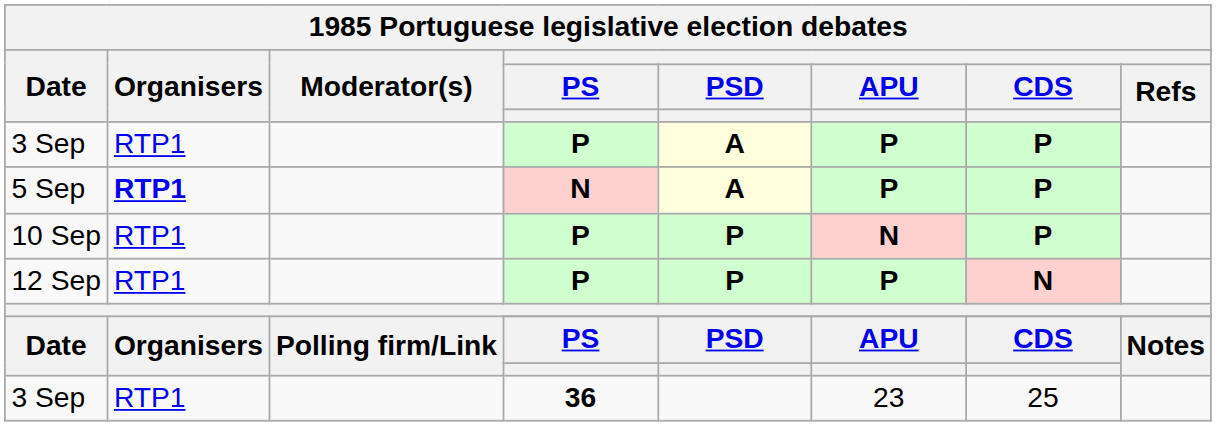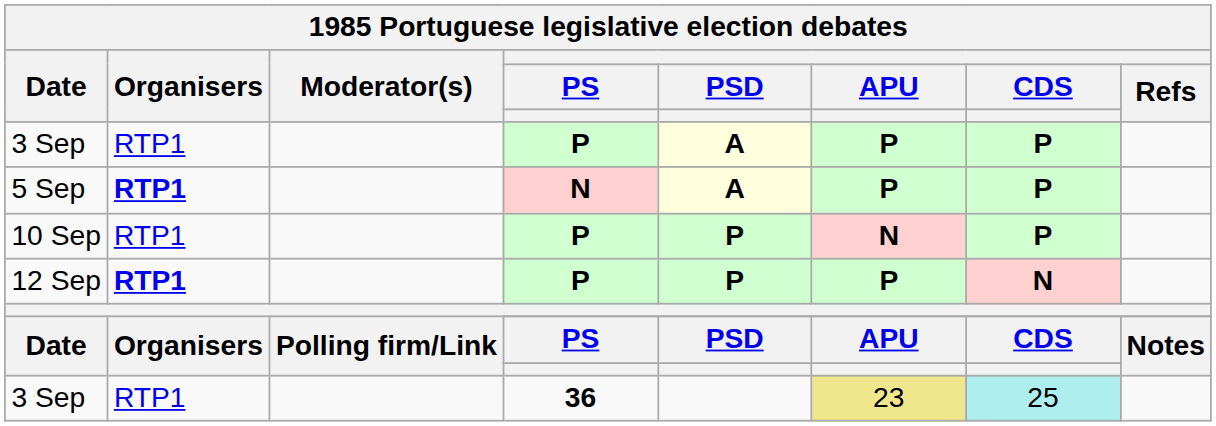 <table class="wikitable" style="font-size:98%; text-align:center;">
 <tr>
 <th colspan="20">1985 Portuguese legislative election debates</th>
 </tr>
 <tr>
 <th rowspan="3">Date</th>
 <th rowspan="3">Organisers</th>
 <th rowspan="3">Moderator(s)</th>
 <th colspan="18">      </th>
 </tr>
 <tr>
 <th scope="col" style="width:5em;"><a href='#'>PS</a><br></th>
 <th scope="col" style="width:5em;"><a href='#'>PSD</a><br></th>
 <th scope="col" style="width:5em;"><a href='#'>APU</a><br></th>
 <th scope="col" style="width:5em;"><a href='#'>CDS</a><br></th>
 <th rowspan="2">Refs</th>
 </tr>
 <tr>
 <th style="color:inherit;background:"></th>
 <th style="color:inherit;background:"></th>
 <th style="color:inherit;background:"></th>
 <th style="color:inherit;background:"></th>
 </tr>
 <tr>
 <td style="white-space:nowrap; text-align:left;">3 Sep</td>
 <td style="white-space:nowrap; text-align:left;"><a href='#'>RTP1</a></td>
 <td style="white-space:nowrap; text-align:left;"></td>
 <td style="background:#D0FFD0;"><strong>P</strong></td>
 <td style="background:#ffffdd;"><strong>A</strong></td>
 <td style="background:#D0FFD0;"><strong>P</strong></td>
 <td style="background:#D0FFD0;"><strong>P</strong></td>
 <td></td>
 </tr>
 <tr>
 <td style="white-space:nowrap; text-align:left;">5 Sep</td>
 <td style="white-space:nowrap; text-align:left;"><strong><a href='#'>RTP1</a></strong></td>
 <td style="white-space:nowrap; text-align:left;"></td>
 <td style="background:#FFD0D0;"><strong>N</strong></td>
 <td style="background:#ffffdd;"><strong>A</strong></td>
 <td style="background:#D0FFD0;"><strong>P</strong></td>
 <td style="background:#D0FFD0;"><strong>P</strong></td>
 <td></td>
 </tr>
 <tr>
 <td style="white-space:nowrap; text-align:left;">10 Sep</td>
 <td style="white-space:nowrap; text-align:left;"><a href='#'>RTP1</a></td>
 <td style="white-space:nowrap; text-align:left;"></td>
 <td style="background:#D0FFD0;"><strong>P</strong></td>
 <td style="background:#D0FFD0;"><strong>P</strong></td>
 <td style="background:#FFD0D0;"><strong>N</strong></td>
 <td style="background:#D0FFD0;"><strong>P</strong></td>
 <td></td>
 </tr>
 <tr>
 <td style="white-space:nowrap; text-align:left;">12 Sep</td>
-<td style="white-space:nowrap; text-align:left;"><a href='#'>RTP1</a></td>
+<td style="white-space:nowrap; text-align:left;"><strong><a href='#'>RTP1</a></strong></td>
 <td style="white-space:nowrap; text-align:left;"></td>
 <td style="background:#D0FFD0;"><strong>P</strong></td>
 <td style="background:#D0FFD0;"><strong>P</strong></td>
 <td style="background:#D0FFD0;"><strong>P</strong></td>
 <td style="background:#FFD0D0;"><strong>N</strong></td>
 <td></td>
 </tr>
 <tr>
 <th colspan="10"></th>
 </tr>
 <tr>
 <th rowspan="3">Date</th>
 <th rowspan="3">Organisers</th>
 <th rowspan="3">Polling firm/Link</th>
 </tr>
 <tr>
 <th scope="col" style="width:5em;"><a href='#'>PS</a></th>
 <th scope="col" style="width:5em;"><a href='#'>PSD</a></th>
 <th scope="col" style="width:5em;"><a href='#'>APU</a></th>
 <th scope="col" style="width:5em;"><a href='#'>CDS</a></th>
 <th rowspan="2">Notes</th>
 </tr>
 <tr>
 <th style="color:inherit;background:"></th>
 <th style="color:inherit;background:"></th>
 <th style="color:inherit;background:"></th>
 <th style="color:inherit;background:"></th>
 </tr>
 <tr>
 <td style="white-space:nowrap; text-align:left;">3 Sep</td>
 <td style="white-space:nowrap; text-align:left;"><a href='#'>RTP1</a></td>
 <td></td>
 <td><strong>36</strong></td>
 <td></td>
-<td>23</td>
-<td>25</td>
+<td style="background: khaki;">23</td>
+<td style="background: paleturquoise;">25</td>
 <td></td>
 </tr>
 </table>
